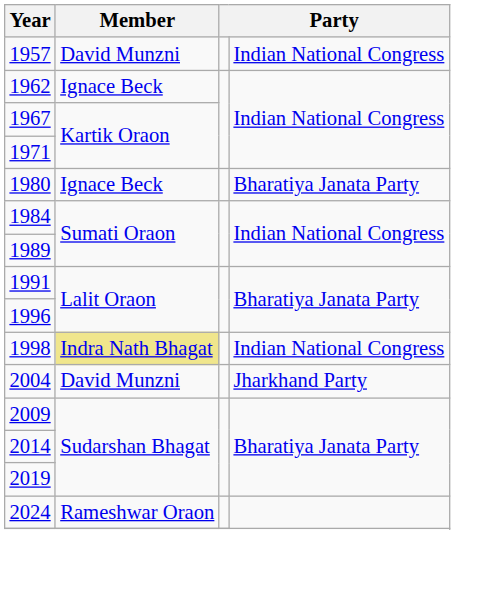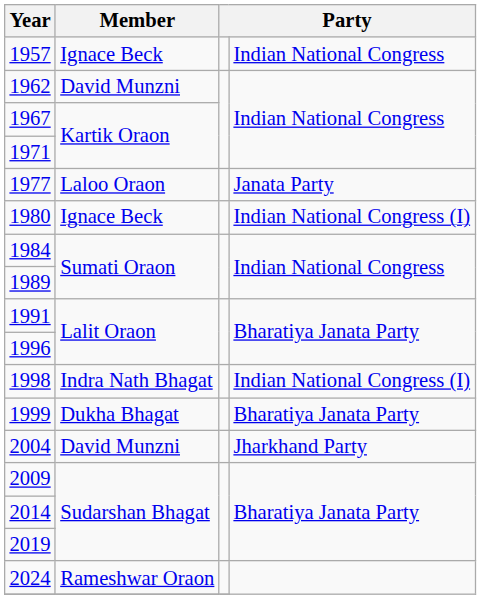 <table class="wikitable">
 <tr>
 <th>Year</th>
 <th>Member</th>
 <th colspan="2">Party</th>
 </tr>
 <tr>
 <td><a href='#'>1957</a></td>
-<td><a href='#'>David Munzni</a></td>
+<td><a href='#'>Ignace Beck</a></td>
 <td style="background-color: "></td>
 <td><a href='#'>Indian National Congress</a></td>
 </tr>
 <tr>
 <td><a href='#'>1962</a></td>
-<td><a href='#'>Ignace Beck</a></td>
+<td><a href='#'>David Munzni</a></td>
 <td rowspan="3" style="background-color: "></td>
 <td rowspan="3"><a href='#'>Indian National Congress</a></td>
 </tr>
 <tr>
 <td><a href='#'>1967</a></td>
 <td rowspan="2"><a href='#'>Kartik Oraon</a></td>
 </tr>
 <tr>
 <td><a href='#'>1971</a></td>
 </tr>
 <tr>
+<td><a href='#'>1977</a></td>
+<td><a href='#'>Laloo Oraon</a></td>
+<td style="background-color: "></td>
+<td><a href='#'>Janata Party</a></td>
+</tr>
+<tr>
 <td><a href='#'>1980</a></td>
 <td><a href='#'>Ignace Beck</a></td>
 <td style="background-color: "></td>
-<td><a href='#'>Bharatiya Janata Party</a></td>
+<td><a href='#'>Indian National Congress (I)</a></td>
 </tr>
 <tr>
 <td><a href='#'>1984</a></td>
 <td rowspan="2"><a href='#'>Sumati Oraon</a></td>
 <td rowspan="2" style="background-color: "></td>
 <td rowspan="2"><a href='#'>Indian National Congress</a></td>
 </tr>
 <tr>
 <td><a href='#'>1989</a></td>
 </tr>
 <tr>
 <td><a href='#'>1991</a></td>
 <td rowspan="2"><a href='#'>Lalit Oraon</a></td>
 <td rowspan="2" style="background-color: "></td>
 <td rowspan="2"><a href='#'>Bharatiya Janata Party</a></td>
 </tr>
 <tr>
 <td><a href='#'>1996</a></td>
 </tr>
 <tr>
 <td><a href='#'>1998</a></td>
-<td style="background: khaki;"><a href='#'>Indra Nath Bhagat</a></td>
+<td><a href='#'>Indra Nath Bhagat</a></td>
 <td style="background-color: "></td>
-<td><a href='#'>Indian National Congress</a></td>
+<td><a href='#'>Indian National Congress (I)</a></td>
+</tr>
+<tr>
+<td><a href='#'>1999</a></td>
+<td><a href='#'>Dukha Bhagat</a></td>
+<td style="background-color: "></td>
+<td><a href='#'>Bharatiya Janata Party</a></td>
 </tr>
 <tr>
 <td><a href='#'>2004</a></td>
 <td><a href='#'>David Munzni</a></td>
 <td style="background-color: "></td>
 <td><a href='#'>Jharkhand Party</a></td>
 </tr>
 <tr>
 <td><a href='#'>2009</a></td>
 <td rowspan="3"><a href='#'>Sudarshan Bhagat</a></td>
 <td rowspan="3" style="background-color: "></td>
 <td rowspan="3"><a href='#'>Bharatiya Janata Party</a></td>
 </tr>
 <tr>
 <td><a href='#'>2014</a></td>
 </tr>
 <tr>
 <td><a href='#'>2019</a></td>
 </tr>
 <tr>
 <td><a href='#'>2024</a></td>
 <td><a href='#'>Rameshwar Oraon</a></td>
 <td></td>
 </tr>
 <tr>
 </tr>
 </table>
